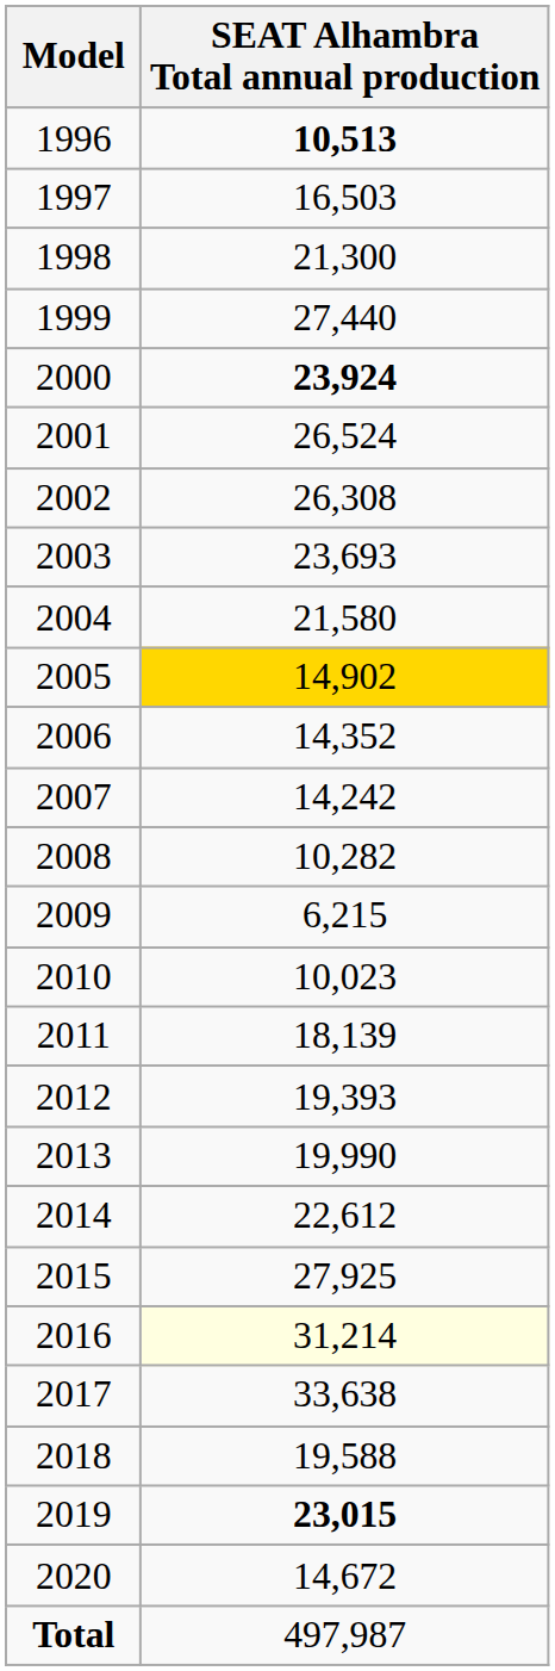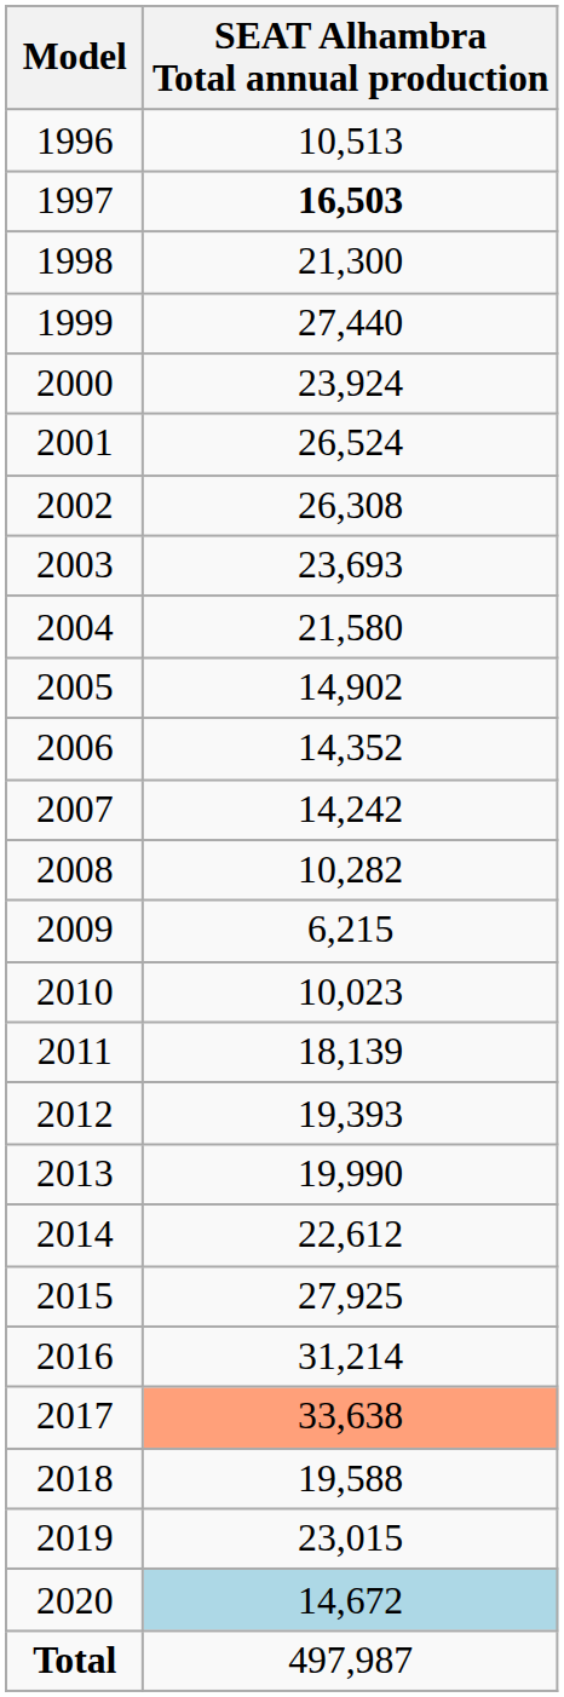 <table class="wikitable" style="text-align: center;">
 <tr>
 <th scope="col" style="width: 50px;">Model</th>
 <th>SEAT Alhambra<br>Total annual production</th>
 </tr>
 <tr>
 <td>1996</td>
-<td><strong>10,513</strong></td>
+<td>10,513</td>
 </tr>
 <tr>
 <td>1997</td>
-<td>16,503</td>
+<td><strong>16,503</strong></td>
 </tr>
 <tr>
 <td>1998</td>
 <td>21,300</td>
 </tr>
 <tr>
 <td>1999</td>
 <td>27,440</td>
 </tr>
 <tr>
 <td>2000</td>
-<td><strong>23,924</strong></td>
+<td>23,924</td>
 </tr>
 <tr>
 <td>2001</td>
 <td>26,524</td>
 </tr>
 <tr>
 <td>2002</td>
 <td>26,308</td>
 </tr>
 <tr>
 <td>2003</td>
 <td>23,693</td>
 </tr>
 <tr>
 <td>2004</td>
 <td>21,580</td>
 </tr>
 <tr>
 <td>2005</td>
-<td style="background: gold;">14,902</td>
+<td>14,902</td>
 </tr>
 <tr>
 <td>2006</td>
 <td>14,352</td>
 </tr>
 <tr>
 <td>2007</td>
 <td>14,242</td>
 </tr>
 <tr>
 <td>2008</td>
 <td>10,282</td>
 </tr>
 <tr>
 <td>2009</td>
 <td>6,215</td>
 </tr>
 <tr>
 <td>2010</td>
 <td>10,023</td>
 </tr>
 <tr>
 <td>2011</td>
 <td>18,139</td>
 </tr>
 <tr>
 <td>2012</td>
 <td>19,393</td>
 </tr>
 <tr>
 <td>2013</td>
 <td>19,990</td>
 </tr>
 <tr>
 <td>2014</td>
 <td>22,612</td>
 </tr>
 <tr>
 <td>2015</td>
 <td>27,925</td>
 </tr>
 <tr>
 <td>2016</td>
-<td style="background: lightyellow;">31,214</td>
+<td>31,214</td>
 </tr>
 <tr>
 <td>2017</td>
-<td>33,638</td>
+<td style="background: lightsalmon;">33,638</td>
 </tr>
 <tr>
 <td>2018</td>
 <td>19,588</td>
 </tr>
 <tr>
 <td>2019</td>
-<td><strong>23,015</strong></td>
+<td>23,015</td>
 </tr>
 <tr>
 <td>2020</td>
-<td>14,672</td>
+<td style="background: lightblue;">14,672</td>
 </tr>
 <tr>
 <td><strong>Total</strong></td>
 <td>497,987</td>
 </tr>
 </table>
